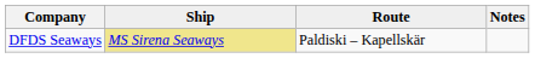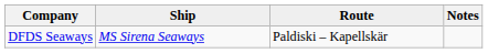 <table class="wikitable">
 <tr>
 <th>Company</th>
 <th style="background: #efefef; border-bottom: 1px;width:200px;">Ship</th>
 <th style="background: #efefef; border-bottom: 1px;width:200px;">Route</th>
 <th>Notes</th>
 </tr>
 <tr>
 <td rowspan="1"> <a href='#'>DFDS Seaways</a></td>
-<td rowspan="1" style="background: khaki;"><em><a href='#'>MS Sirena Seaways</a></em></td>
+<td rowspan="1"><em><a href='#'>MS Sirena Seaways</a></em></td>
 <td rowspan="1">Paldiski – Kapellskär</td>
 </tr>
 </table>
